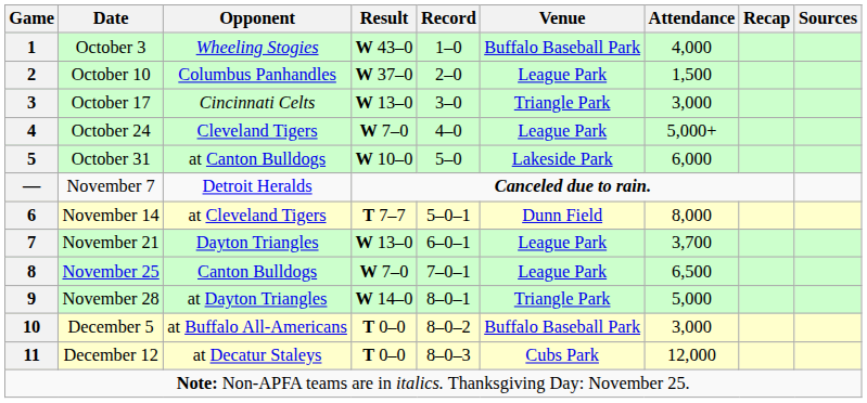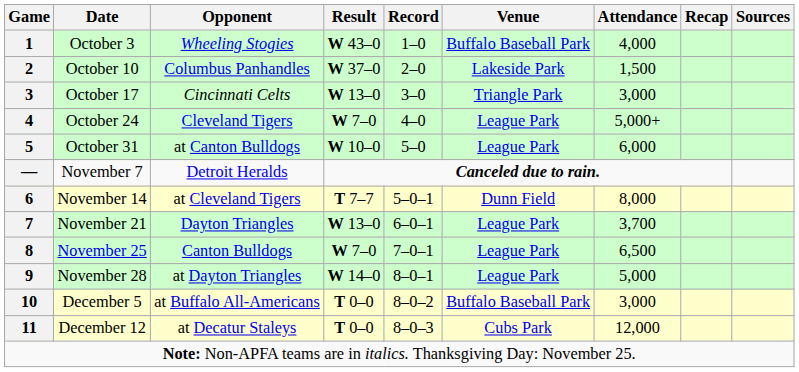 <table class="wikitable" style="text-align:center">
 <tr>
 <th>Game</th>
 <th>Date</th>
 <th>Opponent</th>
 <th>Result</th>
 <th>Record</th>
 <th>Venue</th>
 <th>Attendance</th>
 <th>Recap</th>
 <th>Sources</th>
 </tr>
 <tr style="background:#cfc">
 <th>1</th>
 <td>October 3</td>
 <td><em><a href='#'>Wheeling Stogies</a></em></td>
 <td><strong>W</strong> 43–0</td>
 <td>1–0</td>
 <td><a href='#'>Buffalo Baseball Park</a></td>
 <td>4,000</td>
 <td></td>
 <td></td>
 </tr>
 <tr style="background:#cfc">
 <th>2</th>
 <td>October 10</td>
 <td><a href='#'>Columbus Panhandles</a></td>
 <td><strong>W</strong> 37–0</td>
 <td>2–0</td>
-<td><a href='#'>League Park</a></td>
+<td><a href='#'>Lakeside Park</a></td>
 <td>1,500</td>
 <td></td>
 <td></td>
 </tr>
 <tr style="background:#cfc">
 <th>3</th>
 <td>October 17</td>
 <td><em>Cincinnati Celts</em></td>
 <td><strong>W</strong> 13–0</td>
 <td>3–0</td>
 <td><a href='#'>Triangle Park</a></td>
 <td>3,000</td>
 <td></td>
 <td></td>
 </tr>
 <tr style="background:#cfc">
 <th>4</th>
 <td>October 24</td>
 <td><a href='#'>Cleveland Tigers</a></td>
 <td><strong>W</strong> 7–0</td>
 <td>4–0</td>
 <td><a href='#'>League Park</a></td>
 <td>5,000+</td>
 <td></td>
 <td></td>
 </tr>
 <tr style="background:#cfc">
 <th>5</th>
 <td>October 31</td>
 <td>at <a href='#'>Canton Bulldogs</a></td>
 <td><strong>W</strong> 10–0</td>
 <td>5–0</td>
-<td><a href='#'>Lakeside Park</a></td>
+<td><a href='#'>League Park</a></td>
 <td>6,000</td>
 <td></td>
 <td></td>
 </tr>
 <tr>
 <th>—</th>
 <td>November 7</td>
 <td><a href='#'>Detroit Heralds</a></td>
 <td colspan="5"><strong><em>Canceled due to rain.</em></strong></td>
 <td></td>
 </tr>
 <tr style="background:#ffc">
 <th>6</th>
 <td>November 14</td>
 <td>at <a href='#'>Cleveland Tigers</a></td>
 <td><strong>T</strong> 7–7</td>
 <td>5–0–1</td>
 <td><a href='#'>Dunn Field</a></td>
 <td>8,000</td>
 <td></td>
 <td></td>
 </tr>
 <tr style="background:#cfc">
 <th>7</th>
 <td>November 21</td>
 <td><a href='#'>Dayton Triangles</a></td>
 <td><strong>W</strong> 13–0</td>
 <td>6–0–1</td>
 <td><a href='#'>League Park</a></td>
 <td>3,700</td>
 <td></td>
 <td></td>
 </tr>
 <tr style="background:#cfc">
 <th>8</th>
 <td><a href='#'>November 25</a></td>
 <td><a href='#'>Canton Bulldogs</a></td>
 <td><strong>W</strong> 7–0</td>
 <td>7–0–1</td>
 <td><a href='#'>League Park</a></td>
 <td>6,500</td>
 <td></td>
 <td></td>
 </tr>
 <tr style="background:#cfc">
 <th>9</th>
 <td>November 28</td>
 <td>at <a href='#'>Dayton Triangles</a></td>
 <td><strong>W</strong> 14–0</td>
 <td>8–0–1</td>
-<td><a href='#'>Triangle Park</a></td>
+<td><a href='#'>League Park</a></td>
 <td>5,000</td>
 <td></td>
 <td></td>
 </tr>
 <tr style="background:#ffc">
 <th>10</th>
 <td>December 5</td>
 <td>at <a href='#'>Buffalo All-Americans</a></td>
 <td><strong>T</strong> 0–0</td>
 <td>8–0–2</td>
 <td><a href='#'>Buffalo Baseball Park</a></td>
 <td>3,000</td>
 <td></td>
 <td></td>
 </tr>
 <tr style="background:#ffc">
 <th>11</th>
 <td>December 12</td>
 <td>at <a href='#'>Decatur Staleys</a></td>
 <td><strong>T</strong> 0–0</td>
 <td>8–0–3</td>
 <td><a href='#'>Cubs Park</a></td>
 <td>12,000</td>
 <td></td>
 <td></td>
 </tr>
 <tr>
 <td colspan="10"><strong>Note:</strong> Non-APFA teams are in <em>italics.</em> Thanksgiving Day: November 25.</td>
 </tr>
 </table>
